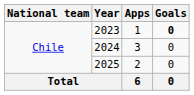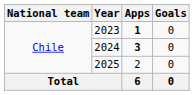 <table class=wikitable style=text-align:center>
 <tr>
 <th>National team</th>
 <th>Year</th>
 <th>Apps</th>
 <th>Goals</th>
 </tr>
 <tr>
 <td rowspan="3"><a href='#'>Chile</a></td>
 <td>2023</td>
-<td>1</td>
-<td><strong>0</strong></td>
+<td><strong>1</strong></td>
+<td>0</td>
 </tr>
 <tr>
 <td>2024</td>
-<td>3</td>
+<td><strong>3</strong></td>
 <td>0</td>
 </tr>
 <tr>
 <td>2025</td>
 <td>2</td>
 <td>0</td>
 </tr>
 <tr>
 <th colspan="2">Total</th>
 <th>6</th>
 <th>0</th>
 </tr>
 </table>
